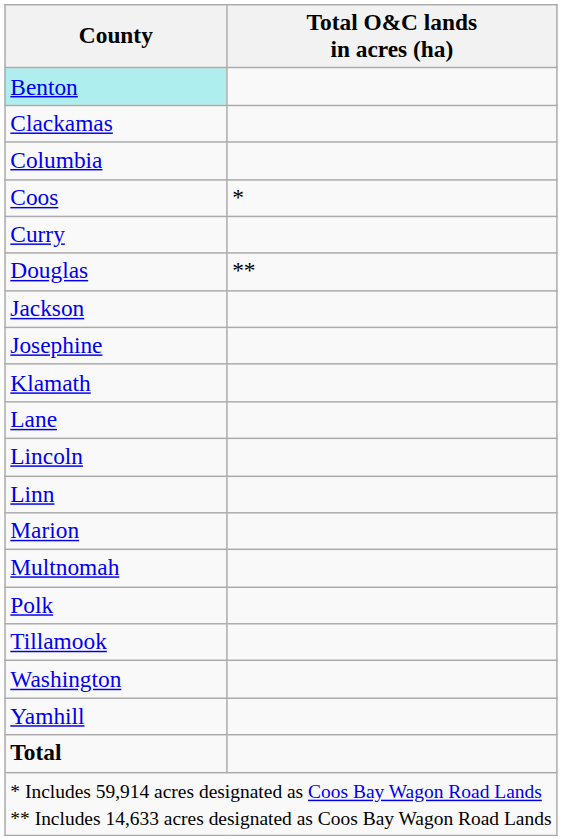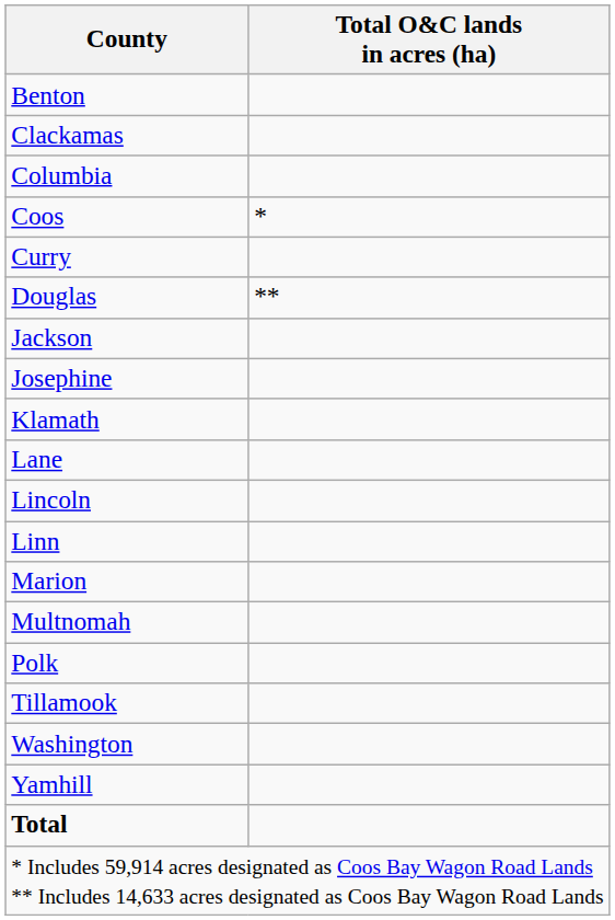 <table class="wikitable sortable" style="float:right; clear:right; margin:0 0 0.5em 1em;">
 <tr>
 <th>County</th>
 <th data-sort-type="number">Total O&C lands<br>in acres (ha)</th>
 </tr>
 <tr>
-<td style="background: paleturquoise;"><a href='#'>Benton</a></td>
+<td><a href='#'>Benton</a></td>
 <td></td>
 </tr>
 <tr>
 <td><a href='#'>Clackamas</a></td>
 <td></td>
 </tr>
 <tr>
 <td><a href='#'>Columbia</a></td>
 <td></td>
 </tr>
 <tr>
 <td><a href='#'>Coos</a></td>
 <td>*</td>
 </tr>
 <tr>
 <td><a href='#'>Curry</a></td>
 <td></td>
 </tr>
 <tr>
 <td><a href='#'>Douglas</a></td>
 <td>**</td>
 </tr>
 <tr>
 <td><a href='#'>Jackson</a></td>
 <td></td>
 </tr>
 <tr>
 <td><a href='#'>Josephine</a></td>
 <td></td>
 </tr>
 <tr>
 <td><a href='#'>Klamath</a></td>
 <td></td>
 </tr>
 <tr>
 <td><a href='#'>Lane</a></td>
 <td></td>
 </tr>
 <tr>
 <td><a href='#'>Lincoln</a></td>
 <td></td>
 </tr>
 <tr>
 <td><a href='#'>Linn</a></td>
 <td></td>
 </tr>
 <tr>
 <td><a href='#'>Marion</a></td>
 <td></td>
 </tr>
 <tr>
 <td><a href='#'>Multnomah</a></td>
 <td></td>
 </tr>
 <tr>
 <td><a href='#'>Polk</a></td>
 <td></td>
 </tr>
 <tr>
 <td><a href='#'>Tillamook</a></td>
 <td></td>
 </tr>
 <tr>
 <td><a href='#'>Washington</a></td>
 <td></td>
 </tr>
 <tr>
 <td><a href='#'>Yamhill</a></td>
 <td></td>
 </tr>
 <tr>
 <td><strong>Total</strong></td>
 <td><strong></strong></td>
 </tr>
 <tr class="sortbottom">
 <td colspan="2"><small>* Includes 59,914 acres designated as <a href='#'>Coos Bay Wagon Road Lands</a><br>** Includes 14,633 acres designated as Coos Bay Wagon Road Lands</small></td>
 </tr>
 </table>
